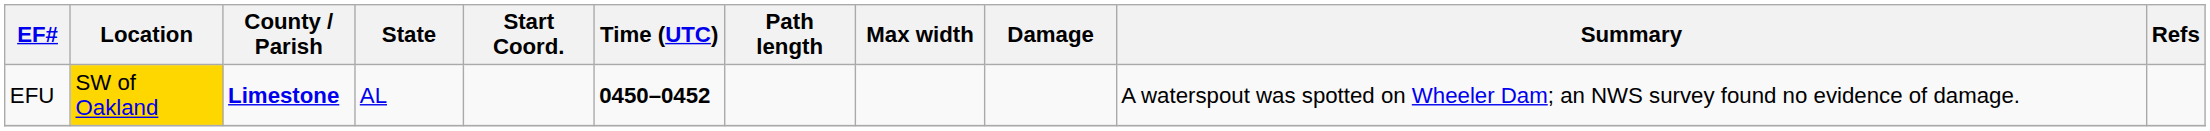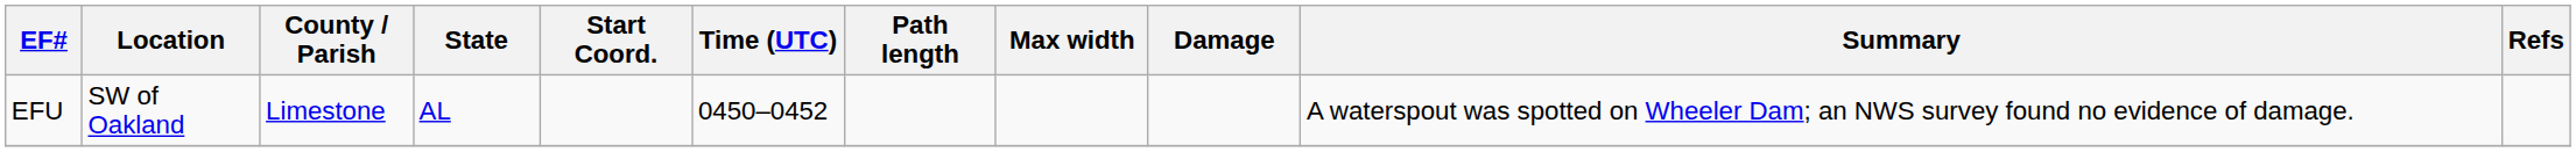 <table class="wikitable sortable" style="width:100%;">
 <tr>
 <th scope="col" width="3%" align="center"><a href='#'>EF#</a></th>
 <th scope="col" width="7%" align="center" class="unsortable">Location</th>
 <th scope="col" width="6%" align="center" class="unsortable">County / Parish</th>
 <th scope="col" width="5%" align="center">State</th>
 <th scope="col" width="6%" align="center">Start Coord.</th>
 <th scope="col" width="6%" align="center">Time (<a href='#'>UTC</a>)</th>
 <th scope="col" width="6%" align="center">Path length</th>
 <th scope="col" width="6%" align="center">Max width</th>
 <th scope="col" width="6%" align="center">Damage</th>
 <th scope="col" width="48%" class="unsortable" align="center">Summary</th>
 <th scope="col" width="48%" class="unsortable" align="center">Refs</th>
 </tr>
 <tr>
 <td>EFU</td>
-<td style="background: gold;">SW of <a href='#'>Oakland</a></td>
-<td><strong><a href='#'>Limestone</a></strong></td>
+<td>SW of <a href='#'>Oakland</a></td>
+<td><a href='#'>Limestone</a></td>
 <td><a href='#'>AL</a></td>
 <td></td>
-<td><strong>0450–0452</strong></td>
+<td>0450–0452</td>
 <td></td>
 <td></td>
 <td></td>
 <td>A waterspout was spotted on <a href='#'>Wheeler Dam</a>; an NWS survey found no evidence of damage.</td>
 <td></td>
 </tr>
 <tr>
 </tr>
 </table>
